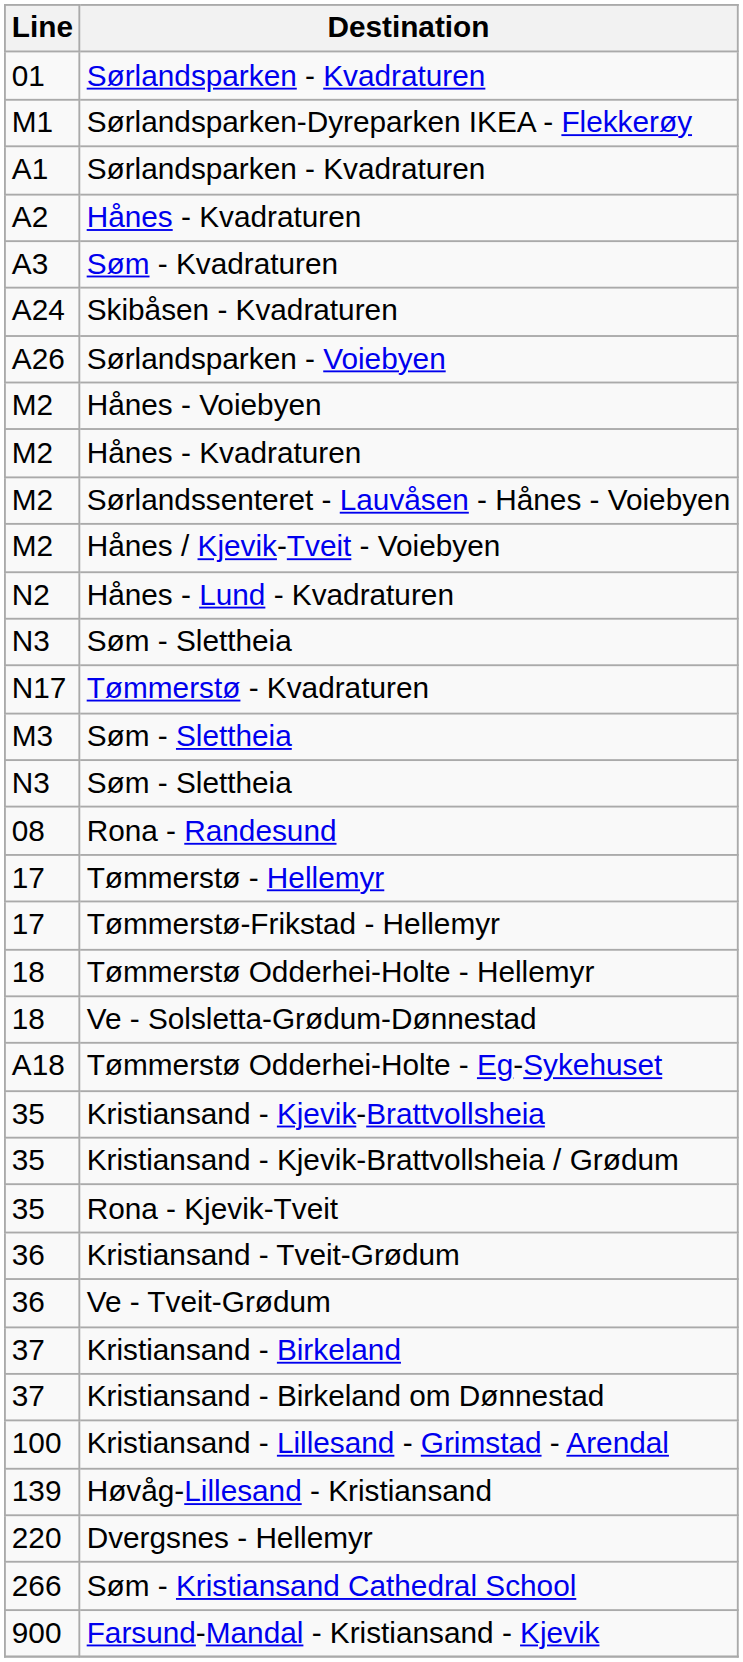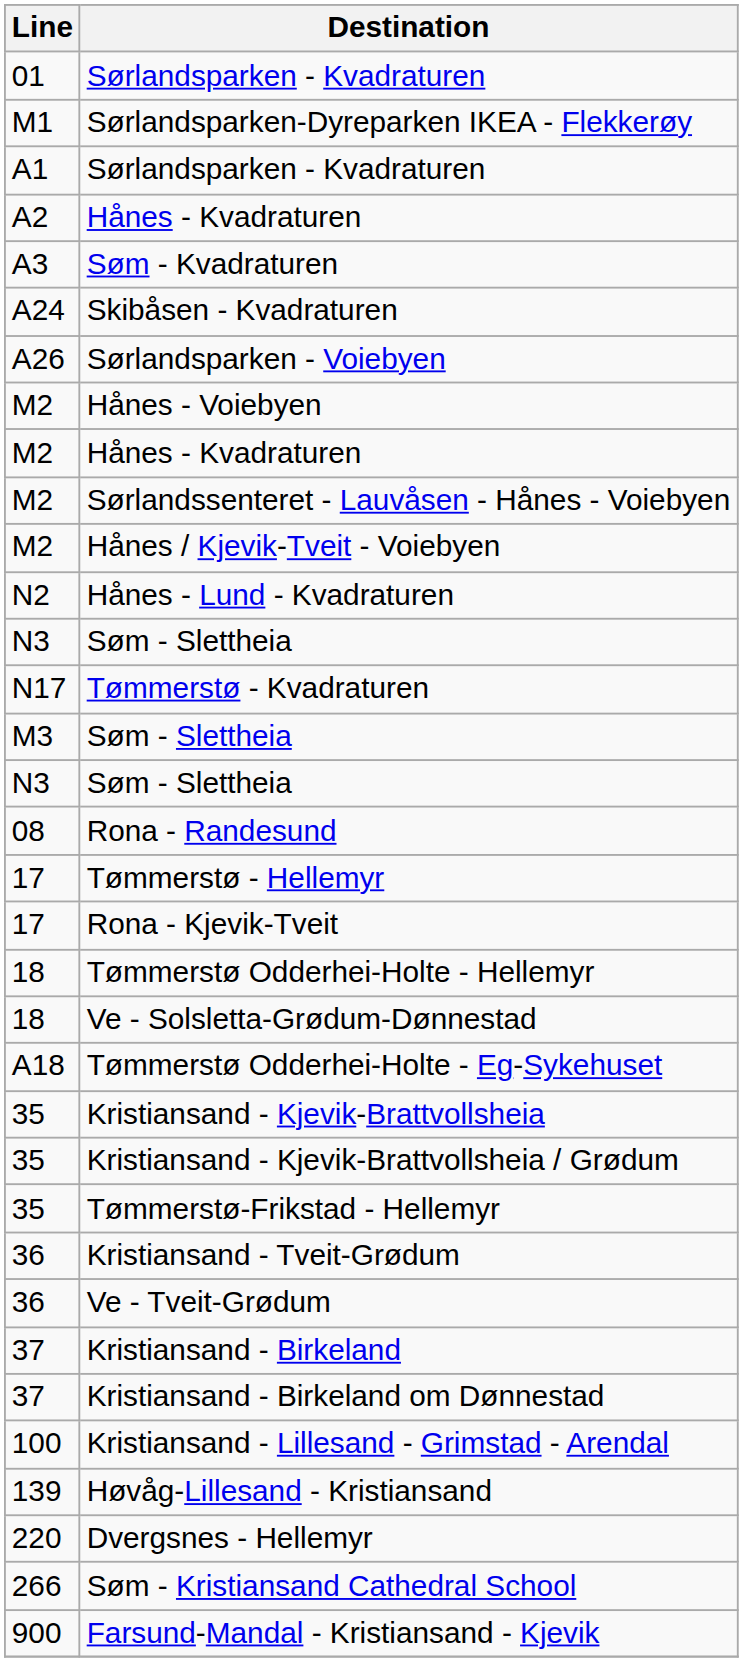 <table class="wikitable collapsible autocollapse sortable">
 <tr>
 <th>Line</th>
 <th>Destination </th>
 </tr>
 <tr>
 <td>01</td>
 <td><a href='#'>Sørlandsparken</a> - <a href='#'>Kvadraturen</a></td>
 </tr>
 <tr>
 <td>M1</td>
 <td>Sørlandsparken-Dyreparken IKEA - <a href='#'>Flekkerøy</a></td>
 </tr>
 <tr>
 <td>A1</td>
 <td>Sørlandsparken - Kvadraturen</td>
 </tr>
 <tr>
 <td>A2</td>
 <td><a href='#'>Hånes</a> - Kvadraturen</td>
 </tr>
 <tr>
 <td>A3</td>
 <td><a href='#'>Søm</a> - Kvadraturen</td>
 </tr>
 <tr>
 <td>A24</td>
 <td>Skibåsen - Kvadraturen</td>
 </tr>
 <tr>
 <td>A26</td>
 <td>Sørlandsparken - <a href='#'>Voiebyen</a></td>
 </tr>
 <tr>
 <td>M2</td>
 <td>Hånes - Voiebyen</td>
 </tr>
 <tr>
 <td>M2</td>
 <td>Hånes - Kvadraturen</td>
 </tr>
 <tr>
 <td>M2</td>
 <td>Sørlandssenteret - <a href='#'>Lauvåsen</a> - Hånes - Voiebyen</td>
 </tr>
 <tr>
 <td>M2</td>
 <td>Hånes / <a href='#'>Kjevik</a>-<a href='#'>Tveit</a> - Voiebyen</td>
 </tr>
 <tr>
 <td>N2</td>
 <td>Hånes - <a href='#'>Lund</a> - Kvadraturen</td>
 </tr>
 <tr>
 <td>N3</td>
 <td>Søm - Slettheia</td>
 </tr>
 <tr>
 <td>N17</td>
 <td><a href='#'>Tømmerstø</a> - Kvadraturen</td>
 </tr>
 <tr>
 <td>M3</td>
 <td>Søm - <a href='#'>Slettheia</a></td>
 </tr>
 <tr>
 <td>N3</td>
 <td>Søm - Slettheia</td>
 </tr>
 <tr>
 <td>08</td>
 <td>Rona - <a href='#'>Randesund</a></td>
 </tr>
 <tr>
 <td>17</td>
 <td>Tømmerstø - <a href='#'>Hellemyr</a></td>
 </tr>
 <tr>
 <td>17</td>
-<td>Tømmerstø-Frikstad - Hellemyr</td>
+<td>Rona - Kjevik-Tveit</td>
 </tr>
 <tr>
 <td>18</td>
 <td>Tømmerstø Odderhei-Holte - Hellemyr</td>
 </tr>
 <tr>
 <td>18</td>
 <td>Ve - Solsletta-Grødum-Dønnestad</td>
 </tr>
 <tr>
 <td>A18</td>
 <td>Tømmerstø Odderhei-Holte - <a href='#'>Eg</a>-<a href='#'>Sykehuset</a></td>
 </tr>
 <tr>
 <td>35</td>
 <td>Kristiansand - <a href='#'>Kjevik</a>-<a href='#'>Brattvollsheia</a></td>
 </tr>
 <tr>
 <td>35</td>
 <td>Kristiansand - Kjevik-Brattvollsheia / Grødum</td>
 </tr>
 <tr>
 <td>35</td>
-<td>Rona - Kjevik-Tveit</td>
+<td>Tømmerstø-Frikstad - Hellemyr</td>
 </tr>
 <tr>
 <td>36</td>
 <td>Kristiansand - Tveit-Grødum</td>
 </tr>
 <tr>
 <td>36</td>
 <td>Ve - Tveit-Grødum</td>
 </tr>
 <tr>
 <td>37</td>
 <td>Kristiansand - <a href='#'>Birkeland</a></td>
 </tr>
 <tr>
 <td>37</td>
 <td>Kristiansand - Birkeland om Dønnestad</td>
 </tr>
 <tr>
 <td>100</td>
 <td>Kristiansand - <a href='#'>Lillesand</a> - <a href='#'>Grimstad</a> - <a href='#'>Arendal</a></td>
 </tr>
 <tr>
 <td>139</td>
 <td>Høvåg-<a href='#'>Lillesand</a> - Kristiansand</td>
 </tr>
 <tr>
 <td>220</td>
 <td>Dvergsnes - Hellemyr</td>
 </tr>
 <tr>
 <td>266</td>
 <td>Søm - <a href='#'>Kristiansand Cathedral School</a></td>
 </tr>
 <tr>
 <td>900</td>
 <td><a href='#'>Farsund</a>-<a href='#'>Mandal</a> - Kristiansand - <a href='#'>Kjevik</a></td>
 </tr>
 <tr>
 </tr>
 </table>
